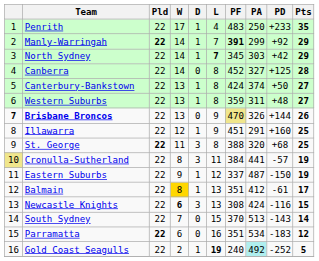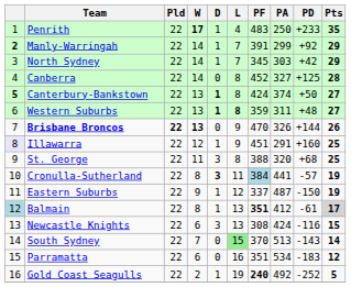 <table class="wikitable" style="text-align:center;">
 <tr>
 <th width=20 abbr="Position×"></th>
 <th width=175>Team</th>
 <th width=20 abbr="Played">Pld</th>
 <th width=20 abbr="Won">W</th>
 <th width=20 abbr="Drawn">D</th>
 <th width=20 abbr="Lost">L</th>
 <th width=20 abbr="Points for">PF</th>
 <th width=20 abbr="Points against">PA</th>
 <th width=20 abbr="Points difference">PD</th>
 <th width=20 abbr="Points">Pts</th>
 </tr>
 <tr style="background: #ccffcc;">
 <td>1</td>
 <td style="text-align:left;"> <a href='#'>Penrith</a></td>
 <td>22</td>
-<td>17</td>
+<td><strong>17</strong></td>
 <td>1</td>
 <td>4</td>
 <td>483</td>
 <td>250</td>
 <td>+233</td>
 <td><strong>35</strong></td>
 </tr>
 <tr style="background: #ccffcc;">
-<td>2</td>
+<td><strong>2</strong></td>
 <td style="text-align:left;"> <a href='#'>Manly-Warringah</a></td>
-<td><strong>22</strong></td>
+<td>22</td>
 <td>14</td>
 <td>1</td>
 <td>7</td>
-<td><strong>391</strong></td>
+<td>391</td>
 <td>299</td>
 <td>+92</td>
 <td><strong>29</strong></td>
 </tr>
 <tr style="background: #ccffcc;">
 <td>3</td>
 <td style="text-align:left;"> <a href='#'>North Sydney</a></td>
 <td>22</td>
 <td>14</td>
 <td>1</td>
-<td><strong>7</strong></td>
+<td>7</td>
 <td>345</td>
 <td>303</td>
 <td>+42</td>
 <td><strong>29</strong></td>
 </tr>
 <tr style="background: #ccffcc;">
 <td>4</td>
 <td style="text-align:left;"> <a href='#'>Canberra</a></td>
 <td>22</td>
 <td>14</td>
 <td>0</td>
 <td>8</td>
 <td>452</td>
 <td>327</td>
 <td>+125</td>
 <td><strong>28</strong></td>
 </tr>
 <tr style="background: #ccffcc;">
-<td>5</td>
+<td><strong>5</strong></td>
 <td style="text-align:left;"> <a href='#'>Canterbury-Bankstown</a></td>
 <td>22</td>
 <td>13</td>
-<td>1</td>
+<td><strong>1</strong></td>
 <td>8</td>
 <td>424</td>
 <td>374</td>
 <td>+50</td>
 <td><strong>27</strong></td>
 </tr>
 <tr style="background: #ccffcc;">
 <td>6</td>
 <td style="text-align:left;"> <a href='#'>Western Suburbs</a></td>
 <td>22</td>
 <td>13</td>
-<td>1</td>
-<td>8</td>
+<td><strong>1</strong></td>
+<td><strong>8</strong></td>
 <td>359</td>
 <td>311</td>
 <td>+48</td>
 <td><strong>27</strong></td>
 </tr>
 <tr>
-<td><strong>7</strong></td>
+<td>7</td>
 <td style="text-align:left;"> <strong><a href='#'>Brisbane Broncos</a></strong></td>
-<td>22</td>
-<td>13</td>
+<td><strong>22</strong></td>
+<td><strong>13</strong></td>
 <td>0</td>
 <td>9</td>
-<td style="background: khaki;">470</td>
+<td>470</td>
 <td>326</td>
 <td>+144</td>
 <td><strong>26</strong></td>
 </tr>
 <tr>
-<td>8</td>
+<td style="background: lavender;">8</td>
 <td style="text-align:left;"> <a href='#'>Illawarra</a></td>
 <td>22</td>
 <td>12</td>
 <td>1</td>
 <td>9</td>
 <td>451</td>
 <td>291</td>
 <td>+160</td>
 <td><strong>25</strong></td>
 </tr>
 <tr>
 <td>9</td>
 <td style="text-align:left;"> <a href='#'>St. George</a></td>
-<td><strong>22</strong></td>
+<td>22</td>
 <td>11</td>
 <td>3</td>
 <td>8</td>
 <td>388</td>
 <td>320</td>
 <td>+68</td>
 <td><strong>25</strong></td>
 </tr>
 <tr>
-<td style="background: khaki;">10</td>
+<td>10</td>
 <td style="text-align:left;"> <a href='#'>Cronulla-Sutherland</a></td>
 <td>22</td>
 <td>8</td>
-<td>3</td>
+<td><strong>3</strong></td>
 <td>11</td>
-<td>384</td>
+<td style="background: lightblue;">384</td>
 <td>441</td>
 <td>-57</td>
 <td><strong>19</strong></td>
 </tr>
 <tr>
 <td>11</td>
 <td style="text-align:left;"> <a href='#'>Eastern Suburbs</a></td>
 <td>22</td>
 <td>9</td>
 <td>1</td>
 <td>12</td>
 <td>337</td>
 <td>487</td>
 <td>-150</td>
 <td><strong>19</strong></td>
 </tr>
 <tr>
-<td>12</td>
+<td style="background: lightblue;">12</td>
 <td style="text-align:left;"> <a href='#'>Balmain</a></td>
 <td>22</td>
-<td style="background: gold;">8</td>
+<td>8</td>
 <td>1</td>
 <td>13</td>
-<td>351</td>
+<td><strong>351</strong></td>
 <td>412</td>
 <td>-61</td>
-<td><strong>17</strong></td>
+<td style="background: lightgrey;"><strong>17</strong></td>
 </tr>
 <tr>
 <td>13</td>
 <td style="text-align:left;"> <a href='#'>Newcastle Knights</a></td>
 <td>22</td>
-<td><strong>6</strong></td>
+<td>6</td>
 <td>3</td>
 <td>13</td>
 <td>308</td>
 <td>424</td>
 <td>-116</td>
 <td><strong>15</strong></td>
 </tr>
 <tr>
 <td>14</td>
 <td style="text-align:left;"> <a href='#'>South Sydney</a></td>
 <td>22</td>
 <td>7</td>
 <td>0</td>
-<td>15</td>
+<td style="background: lightgreen;">15</td>
 <td>370</td>
 <td>513</td>
 <td>-143</td>
 <td><strong>14</strong></td>
 </tr>
 <tr>
 <td>15</td>
 <td style="text-align:left;"> <a href='#'>Parramatta</a></td>
-<td><strong>22</strong></td>
+<td>22</td>
 <td>6</td>
 <td>0</td>
 <td>16</td>
 <td>351</td>
 <td>534</td>
 <td>-183</td>
 <td><strong>12</strong></td>
 </tr>
 <tr>
 <td>16</td>
 <td style="text-align:left;"> <a href='#'>Gold Coast Seagulls</a></td>
 <td>22</td>
 <td>2</td>
 <td>1</td>
-<td><strong>19</strong></td>
-<td>240</td>
-<td style="background: paleturquoise;">492</td>
+<td>19</td>
+<td><strong>240</strong></td>
+<td>492</td>
 <td>-252</td>
 <td><strong>5</strong></td>
 </tr>
 <tr>
 </tr>
 </table>
